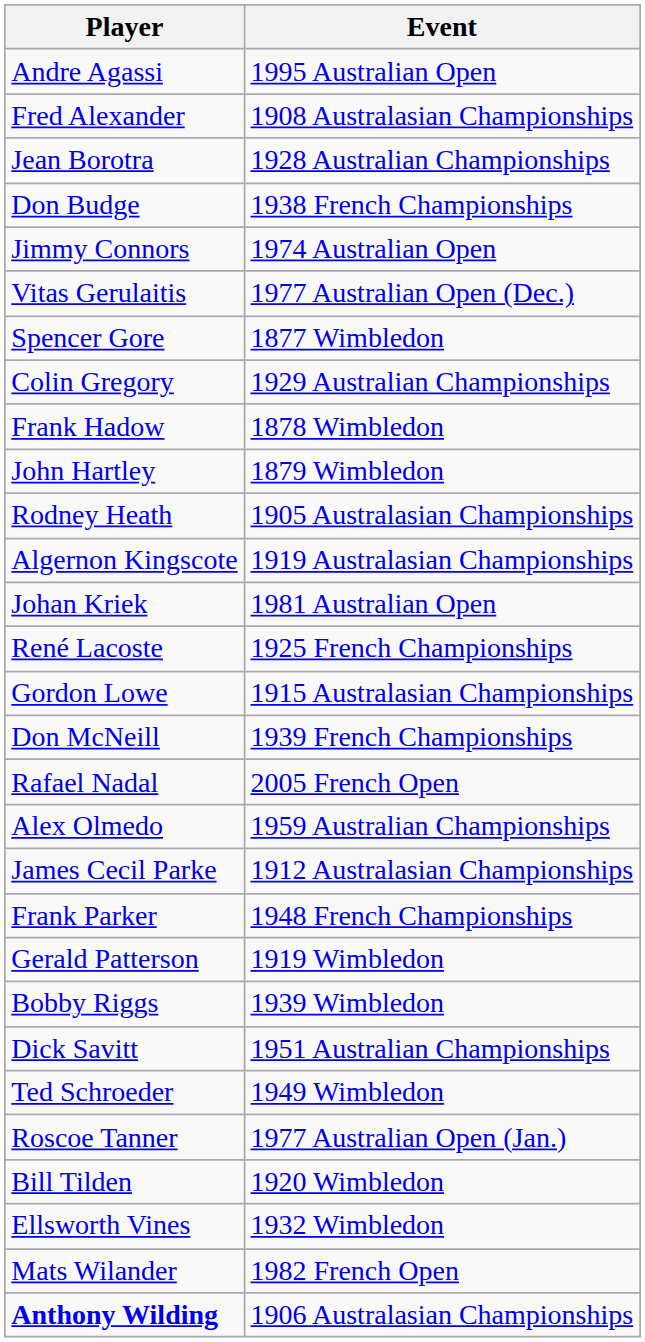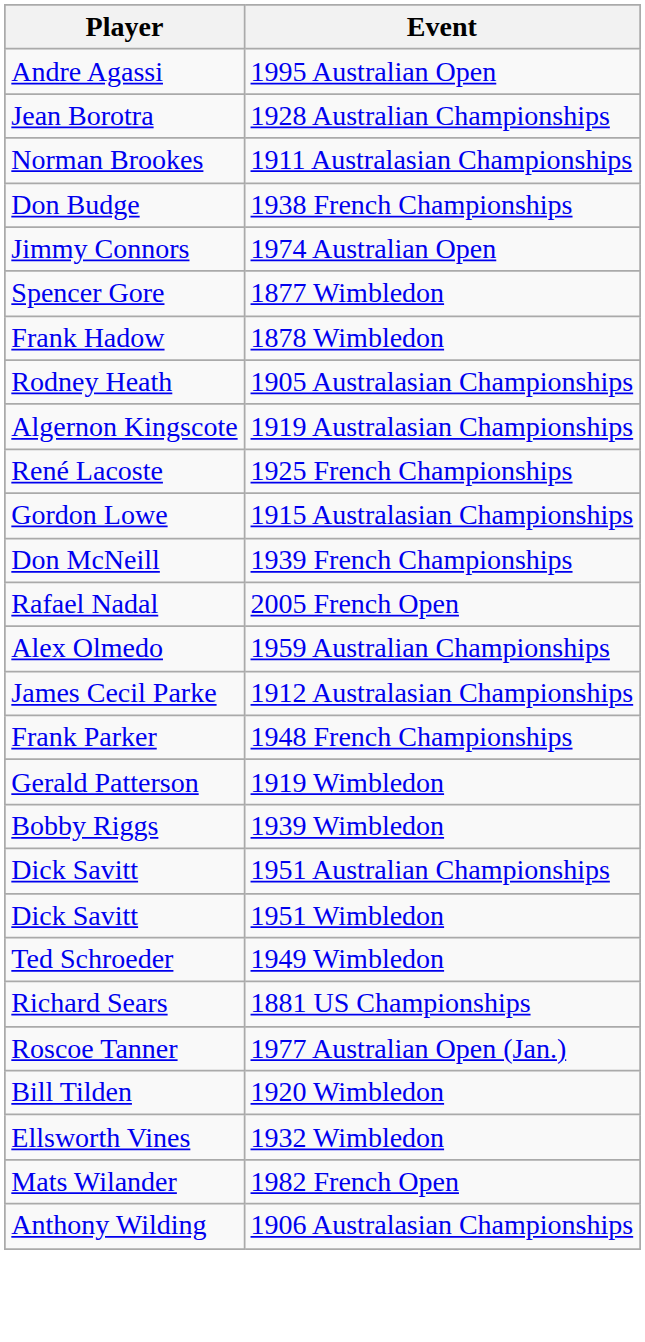 <table class=wikitable style="display:inline-table;">
 <tr>
 <th scope="col">Player</th>
 <th scope="col">Event</th>
 </tr>
 <tr>
 <td> <a href='#'>Andre Agassi</a></td>
 <td><a href='#'>1995 Australian Open</a></td>
 </tr>
 <tr>
-<td> <a href='#'>Fred Alexander</a></td>
-<td><a href='#'>1908 Australasian Championships</a></td>
+<td> <a href='#'>Jean Borotra</a></td>
+<td><a href='#'>1928 Australian Championships</a></td>
 </tr>
 <tr>
-<td> <a href='#'>Jean Borotra</a></td>
-<td><a href='#'>1928 Australian Championships</a></td>
+<td> <a href='#'>Norman Brookes</a></td>
+<td><a href='#'>1911 Australasian Championships</a></td>
 </tr>
 <tr>
 <td> <a href='#'>Don Budge</a></td>
 <td><a href='#'>1938 French Championships</a></td>
 </tr>
 <tr>
 <td> <a href='#'>Jimmy Connors</a></td>
 <td><a href='#'>1974 Australian Open</a></td>
 </tr>
 <tr>
-<td> <a href='#'>Vitas Gerulaitis</a></td>
-<td><a href='#'>1977 Australian Open (Dec.)</a></td>
-</tr>
-<tr>
 <td> <a href='#'>Spencer Gore</a></td>
 <td><a href='#'>1877 Wimbledon</a></td>
 </tr>
 <tr>
-<td> <a href='#'>Colin Gregory</a></td>
-<td><a href='#'>1929 Australian Championships</a></td>
-</tr>
-<tr>
 <td> <a href='#'>Frank Hadow</a></td>
 <td><a href='#'>1878 Wimbledon</a></td>
-</tr>
-<tr>
-<td> <a href='#'>John Hartley</a></td>
-<td><a href='#'>1879 Wimbledon</a></td>
 </tr>
 <tr>
 <td> <a href='#'>Rodney Heath</a></td>
 <td><a href='#'>1905 Australasian Championships</a></td>
 </tr>
 <tr>
 <td> <a href='#'>Algernon Kingscote</a></td>
 <td><a href='#'>1919 Australasian Championships</a></td>
-</tr>
-<tr>
-<td> <a href='#'>Johan Kriek</a></td>
-<td><a href='#'>1981 Australian Open</a></td>
 </tr>
 <tr>
 <td> <a href='#'>René Lacoste</a></td>
 <td><a href='#'>1925 French Championships</a></td>
 </tr>
 <tr>
 <td> <a href='#'>Gordon Lowe</a></td>
 <td><a href='#'>1915 Australasian Championships</a></td>
 </tr>
 <tr>
 <td> <a href='#'>Don McNeill</a></td>
 <td><a href='#'>1939 French Championships</a></td>
 </tr>
 <tr>
 <td> <a href='#'>Rafael Nadal</a></td>
 <td><a href='#'>2005 French Open</a></td>
 </tr>
 <tr>
 <td> <a href='#'>Alex Olmedo</a></td>
 <td><a href='#'>1959 Australian Championships</a></td>
 </tr>
 <tr>
 <td> <a href='#'>James Cecil Parke</a></td>
 <td><a href='#'>1912 Australasian Championships</a></td>
 </tr>
 <tr>
 <td> <a href='#'>Frank Parker</a></td>
 <td><a href='#'>1948 French Championships</a></td>
 </tr>
 <tr>
 <td> <a href='#'>Gerald Patterson</a></td>
 <td><a href='#'>1919 Wimbledon</a></td>
 </tr>
 <tr>
 <td> <a href='#'>Bobby Riggs</a></td>
 <td><a href='#'>1939 Wimbledon</a></td>
 </tr>
 <tr>
 <td> <a href='#'>Dick Savitt</a></td>
 <td><a href='#'>1951 Australian Championships</a></td>
 </tr>
 <tr>
+<td> <a href='#'>Dick Savitt</a></td>
+<td><a href='#'>1951 Wimbledon</a></td>
+</tr>
+<tr>
 <td> <a href='#'>Ted Schroeder</a></td>
 <td><a href='#'>1949 Wimbledon</a></td>
+</tr>
+<tr>
+<td> <a href='#'>Richard Sears</a></td>
+<td><a href='#'>1881 US Championships</a></td>
 </tr>
 <tr>
 <td> <a href='#'>Roscoe Tanner</a></td>
 <td><a href='#'>1977 Australian Open (Jan.)</a></td>
 </tr>
 <tr>
 <td> <a href='#'>Bill Tilden</a></td>
 <td><a href='#'>1920 Wimbledon</a></td>
 </tr>
 <tr>
 <td> <a href='#'>Ellsworth Vines</a></td>
 <td><a href='#'>1932 Wimbledon</a></td>
 </tr>
 <tr>
 <td> <a href='#'>Mats Wilander</a></td>
 <td><a href='#'>1982 French Open</a></td>
 </tr>
 <tr>
-<td><strong> <a href='#'>Anthony Wilding</a></strong></td>
+<td> <a href='#'>Anthony Wilding</a></td>
 <td><a href='#'>1906 Australasian Championships</a></td>
 </tr>
 </table>
